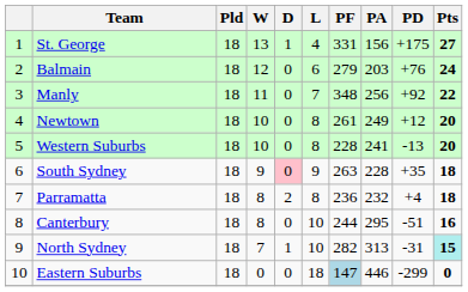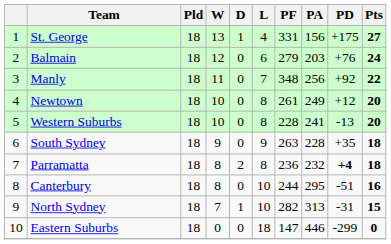 <table class="wikitable" style="text-align:center;">
 <tr>
 <th width=20 abbr="Position×"></th>
 <th width=175>Team</th>
 <th width=20 abbr="Played">Pld</th>
 <th width=20 abbr="Won">W</th>
 <th width=20 abbr="Drawn">D</th>
 <th width=20 abbr="Lost">L</th>
 <th width=20 abbr="Points for">PF</th>
 <th width=20 abbr="Points against">PA</th>
 <th width=20 abbr="Points difference">PD</th>
 <th width=20 abbr="Points">Pts</th>
 </tr>
 <tr style="background: #ccffcc;">
 <td>1</td>
 <td style="text-align:left;"> <a href='#'>St. George</a></td>
 <td>18</td>
 <td>13</td>
 <td>1</td>
 <td>4</td>
 <td>331</td>
 <td>156</td>
 <td>+175</td>
 <td><strong>27</strong></td>
 </tr>
 <tr style="background: #ccffcc;">
 <td>2</td>
 <td style="text-align:left;"> <a href='#'>Balmain</a></td>
 <td>18</td>
 <td>12</td>
 <td>0</td>
 <td>6</td>
 <td>279</td>
 <td>203</td>
 <td>+76</td>
 <td><strong>24</strong></td>
 </tr>
 <tr style="background: #ccffcc;">
 <td>3</td>
 <td style="text-align:left;"> <a href='#'>Manly</a></td>
 <td>18</td>
 <td>11</td>
 <td>0</td>
 <td>7</td>
 <td>348</td>
 <td>256</td>
 <td>+92</td>
 <td><strong>22</strong></td>
 </tr>
 <tr style="background: #ccffcc;">
 <td>4</td>
 <td style="text-align:left;"> <a href='#'>Newtown</a></td>
 <td>18</td>
 <td>10</td>
 <td>0</td>
 <td>8</td>
 <td>261</td>
 <td>249</td>
 <td>+12</td>
 <td><strong>20</strong></td>
 </tr>
 <tr style="background: #ccffcc;">
 <td>5</td>
 <td style="text-align:left;"> <a href='#'>Western Suburbs</a></td>
 <td>18</td>
 <td>10</td>
 <td>0</td>
 <td>8</td>
 <td>228</td>
 <td>241</td>
 <td>-13</td>
 <td><strong>20</strong></td>
 </tr>
 <tr>
 <td>6</td>
 <td style="text-align:left;"> <a href='#'>South Sydney</a></td>
 <td>18</td>
 <td>9</td>
-<td style="background: pink;">0</td>
+<td>0</td>
 <td>9</td>
 <td>263</td>
 <td>228</td>
 <td>+35</td>
 <td><strong>18</strong></td>
 </tr>
 <tr>
 <td>7</td>
 <td style="text-align:left;"> <a href='#'>Parramatta</a></td>
 <td>18</td>
 <td>8</td>
 <td>2</td>
 <td>8</td>
 <td>236</td>
 <td>232</td>
-<td>+4</td>
+<td><strong>+4</strong></td>
 <td><strong>18</strong></td>
 </tr>
 <tr>
 <td>8</td>
 <td style="text-align:left;"> <a href='#'>Canterbury</a></td>
 <td>18</td>
 <td>8</td>
 <td>0</td>
 <td>10</td>
 <td>244</td>
 <td>295</td>
 <td>-51</td>
 <td><strong>16</strong></td>
 </tr>
 <tr>
 <td>9</td>
 <td style="text-align:left;"> <a href='#'>North Sydney</a></td>
 <td>18</td>
 <td>7</td>
 <td>1</td>
 <td>10</td>
 <td>282</td>
 <td>313</td>
 <td>-31</td>
-<td style="background: paleturquoise;"><strong>15</strong></td>
+<td><strong>15</strong></td>
 </tr>
 <tr>
 <td>10</td>
 <td style="text-align:left;"> <a href='#'>Eastern Suburbs</a></td>
 <td>18</td>
 <td>0</td>
 <td>0</td>
 <td>18</td>
-<td style="background: lightblue;">147</td>
+<td>147</td>
 <td>446</td>
 <td>-299</td>
 <td><strong>0</strong></td>
 </tr>
 <tr>
 </tr>
 </table>
